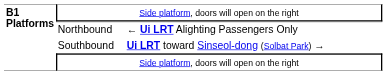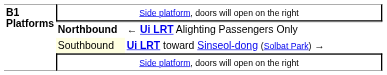 <table table border=0 cellspacing=0 cellpadding=3>
 <tr>
 <td style="border-top:solid 1px gray;border-bottom:solid 1px gray;" width=50 rowspan=10 valign=top><strong>B1<br>Platforms</strong></td>
 <td style="border-top:solid 1px gray;border-right:solid 2px black;border-left:solid 2px black;border-bottom:solid 2px black;text-align:center;" colspan=2><small><a href='#'>Side platform</a>, doors will open on the right</small></td>
 </tr>
 <tr>
-<td style="border-bottom:solid 0px gray;border-top:solid 1px gray;" width=100>Northbound</td>
+<td style="border-bottom:solid 0px gray;border-top:solid 1px gray;" width=100><strong>Northbound</strong></td>
 <td style="border-bottom:solid 0px gray;border-top:solid 1px gray;" width=390>← <a href='#'><span><strong>Ui LRT</strong></span></a> Alighting Passengers Only</td>
 </tr>
 <tr>
-<td>Southbound</td>
+<td style="background: lightyellow;">Southbound</td>
 <td> <a href='#'><span><strong>Ui LRT</strong></span></a> toward <a href='#'>Sinseol-dong</a> <small>(<a href='#'>Solbat Park</a>)</small> →</td>
 </tr>
 <tr>
 <td style="border-top:solid 2px black;border-right:solid 2px black;border-left:solid 2px black;border-bottom:solid 1px gray;text-align:center;" colspan=2><small><a href='#'>Side platform</a>, doors will open on the right</small></td>
 </tr>
 </table>
